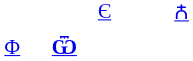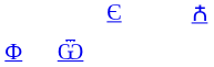 <table cellpadding=4 style="font-size:larger; text-align:center;" class="Unicode" summary="Letters of the early Cyrillic alphabet">
 <tr>
 <td></td>
 <td></td>
 <td></td>
 <td></td>
 <td></td>
 <td><a href='#'>Є</a></td>
 <td></td>
 <td></td>
 <td></td>
 <td></td>
 <td></td>
 <td><a href='#'>Ꙉ</a></td>
 <td></td>
 <td></td>
 <td></td>
 <td></td>
 <td></td>
 <td></td>
 <td></td>
 <td></td>
 <td></td>
 <td></td>
 <td></td>
 </tr>
 <tr>
 <td><a href='#'>Ф</a></td>
 <td></td>
 <td></td>
-<td><strong><a href='#'>Ѿ</a></strong></td>
+<td><a href='#'>Ѿ</a></td>
 <td></td>
 <td></td>
 <td></td>
 <td></td>
 <td></td>
 <td></td>
 <td></td>
 <td></td>
 <td></td>
 <td></td>
 <td></td>
 <td></td>
 <td></td>
 <td></td>
 <td></td>
 <td></td>
 <td></td>
 <td></td>
 <td></td>
 </tr>
 </table>
